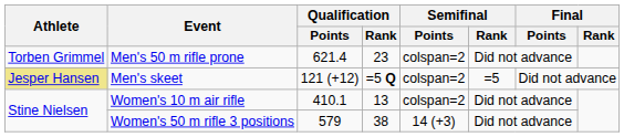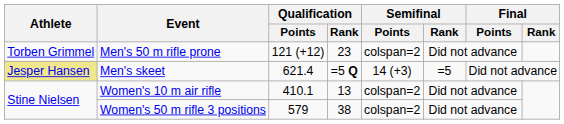 <table class="wikitable" style="font-size:90%">
 <tr>
 <th rowspan="2">Athlete</th>
 <th rowspan="2">Event</th>
 <th colspan=2>Qualification</th>
 <th colspan=2>Semifinal</th>
 <th colspan=2>Final</th>
 </tr>
 <tr style="font-size:95%">
 <th>Points</th>
 <th>Rank</th>
 <th>Points</th>
 <th>Rank</th>
 <th>Points</th>
 <th>Rank</th>
 </tr>
 <tr align=center>
 <td align=left><a href='#'>Torben Grimmel</a></td>
 <td align=left><a href='#'>Men's 50 m rifle prone</a></td>
-<td>621.4</td>
+<td>121 (+12)</td>
 <td>23</td>
 <td>colspan=2 </td>
 <td colspan=2>Did not advance</td>
 </tr>
 <tr align=center>
 <td align=left style="background: khaki;"><a href='#'>Jesper Hansen</a></td>
 <td align=left><a href='#'>Men's skeet</a></td>
-<td>121 (+12)</td>
+<td>621.4</td>
 <td>=5 <strong>Q</strong></td>
-<td>colspan=2 </td>
+<td>14 (+3)</td>
 <td>=5</td>
 <td colspan=2>Did not advance</td>
 </tr>
 <tr align=center>
 <td align=left rowspan=2><a href='#'>Stine Nielsen</a></td>
 <td align=left><a href='#'>Women's 10 m air rifle</a></td>
 <td>410.1</td>
 <td>13</td>
 <td>colspan=2 </td>
 <td colspan=2>Did not advance</td>
 </tr>
 <tr align=center>
 <td align=left><a href='#'>Women's 50 m rifle 3 positions</a></td>
 <td>579</td>
 <td>38</td>
-<td>14 (+3)</td>
+<td>colspan=2 </td>
 <td colspan=2>Did not advance</td>
 </tr>
 </table>
